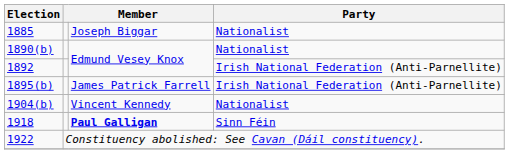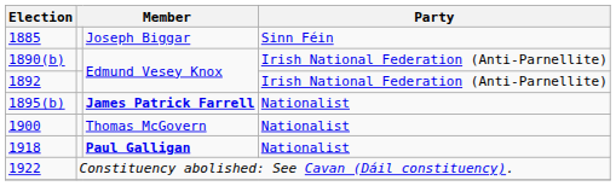 <table class="wikitable">
 <tr>
 <th>Election</th>
 <th colspan="2">Member</th>
 <th>Party</th>
 </tr>
 <tr>
 <td><a href='#'>1885</a></td>
 <td style="color:inherit;background-color: "></td>
 <td><a href='#'>Joseph Biggar</a></td>
-<td><a href='#'>Nationalist</a></td>
+<td><a href='#'>Sinn Féin</a></td>
 </tr>
 <tr>
 <td><a href='#'>1890(b)</a></td>
 <td style="color:inherit;background-color: "></td>
 <td rowspan="2"><a href='#'>Edmund Vesey Knox</a></td>
-<td><a href='#'>Nationalist</a></td>
+<td><a href='#'>Irish National Federation</a> (Anti-Parnellite)</td>
 </tr>
 <tr>
 <td><a href='#'>1892</a></td>
 <td style="color:inherit;background-color: "></td>
 <td><a href='#'>Irish National Federation</a> (Anti-Parnellite)</td>
 </tr>
 <tr>
 <td><a href='#'>1895(b)</a></td>
 <td style="color:inherit;background-color: "></td>
-<td><a href='#'>James Patrick Farrell</a></td>
-<td><a href='#'>Irish National Federation</a> (Anti-Parnellite)</td>
+<td><strong><a href='#'>James Patrick Farrell</a></strong></td>
+<td><a href='#'>Nationalist</a></td>
 </tr>
 <tr>
-<td><a href='#'>1904(b)</a></td>
+<td><a href='#'>1900</a></td>
 <td style="color:inherit;background-color:"></td>
-<td><a href='#'>Vincent Kennedy</a></td>
+<td><a href='#'>Thomas McGovern</a></td>
 <td><a href='#'>Nationalist</a></td>
 </tr>
 <tr>
 <td><a href='#'>1918</a></td>
 <td style="color:inherit;background-color: "></td>
 <td><strong><a href='#'>Paul Galligan</a></strong></td>
-<td><a href='#'>Sinn Féin</a></td>
+<td><a href='#'>Nationalist</a></td>
 </tr>
 <tr>
 <td><a href='#'>1922</a></td>
 <td colspan=3><em>Constituency abolished: See <a href='#'>Cavan (Dáil constituency)</a>.</em></td>
 </tr>
 <tr>
 </tr>
 </table>
